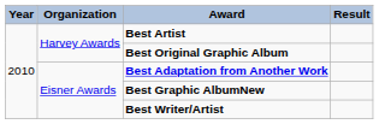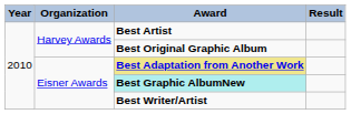 <table class="wikitable">
 <tr>
 <th style="background:#B0C4DE;">Year</th>
 <th style="background:#B0C4DE;">Organization</th>
 <th style="background:#B0C4DE;">Award</th>
 <th style="background:#B0C4DE;">Result</th>
 </tr>
 <tr>
 <td rowspan="5">2010</td>
 <td rowspan="2"><a href='#'>Harvey Awards</a></td>
 <td><strong>Best Artist</strong></td>
 <td></td>
 </tr>
 <tr>
 <td><strong>Best Original Graphic Album</strong></td>
 <td></td>
 </tr>
 <tr>
 <td rowspan="3"><a href='#'>Eisner Awards</a></td>
-<td><strong><a href='#'>Best Adaptation from Another Work</a></strong></td>
+<td style="background: khaki;"><strong><a href='#'>Best Adaptation from Another Work</a></strong></td>
 <td></td>
 </tr>
 <tr>
-<td><strong>Best Graphic AlbumNew</strong></td>
+<td style="background: paleturquoise;"><strong>Best Graphic AlbumNew</strong></td>
 <td></td>
 </tr>
 <tr>
 <td><strong>Best Writer/Artist</strong></td>
 <td></td>
 </tr>
 </table>
